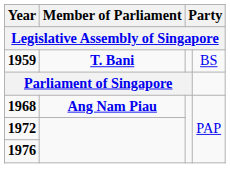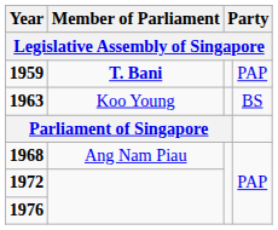 <table class="wikitable" align="center" style="text-align:center">
 <tr>
 <th>Year</th>
 <th>Member of Parliament</th>
 <th colspan="2">Party</th>
 </tr>
 <tr>
 <th colspan="4"><a href='#'>Legislative Assembly of Singapore</a></th>
 </tr>
 <tr>
 <td><strong>1959</strong></td>
 <td><strong><a href='#'>T. Bani</a></strong></td>
 <td></td>
+<td><a href='#'>PAP</a></td>
+</tr>
+<tr>
+<td><strong>1963</strong></td>
+<td><a href='#'>Koo Young</a></td>
+<td bgcolor=></td>
 <td><a href='#'>BS</a></td>
 </tr>
 <tr>
 <th colspan="3"><a href='#'>Parliament of Singapore</a></th>
 </tr>
 <tr>
 <td><strong>1968</strong></td>
-<td><strong><a href='#'>Ang Nam Piau</a></strong></td>
+<td><a href='#'>Ang Nam Piau</a></td>
 <td rowspan="3"></td>
 <td rowspan="3"><a href='#'>PAP</a></td>
 </tr>
 <tr>
 <td><strong>1972</strong></td>
 </tr>
 <tr>
 <td><strong>1976</strong></td>
 </tr>
 </table>
